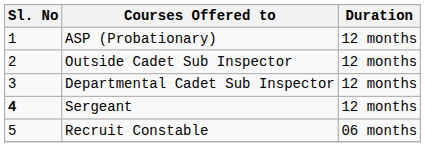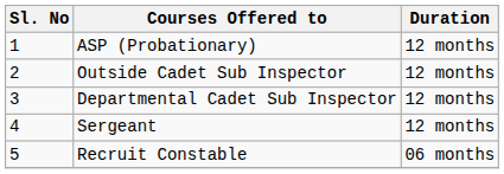 <table class="wikitable">
 <tr>
 <th>Sl. No</th>
 <th>Courses Offered to</th>
 <th>Duration</th>
 </tr>
 <tr>
 <td>1</td>
 <td>ASP (Probationary)</td>
 <td>12 months</td>
 </tr>
 <tr>
 <td>2</td>
 <td>Outside Cadet Sub Inspector</td>
 <td>12 months</td>
 </tr>
 <tr>
 <td>3</td>
 <td>Departmental Cadet Sub Inspector</td>
 <td>12 months</td>
 </tr>
 <tr>
-<td><strong>4</strong></td>
+<td>4</td>
 <td>Sergeant</td>
 <td>12 months</td>
 </tr>
 <tr>
 <td>5</td>
 <td>Recruit Constable</td>
 <td>06 months</td>
 </tr>
 <tr>
 </tr>
 </table>
